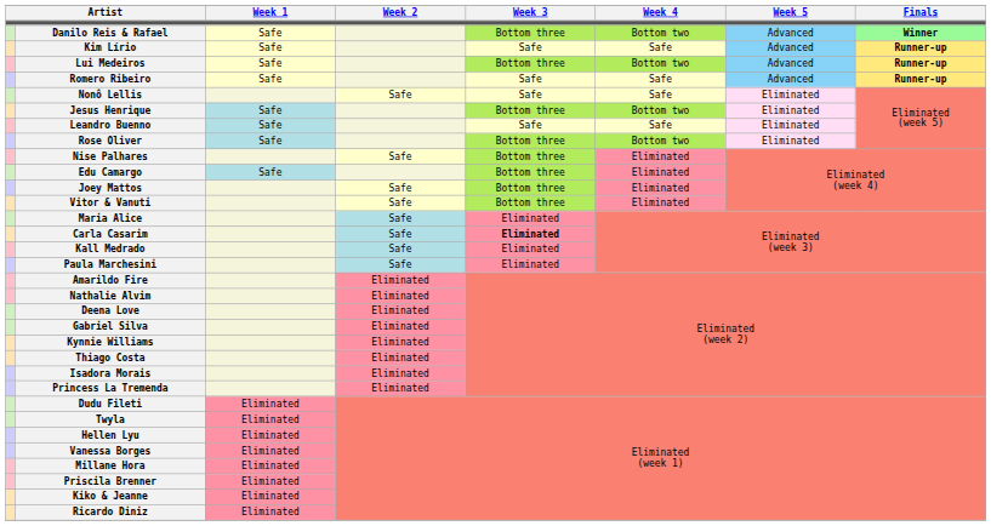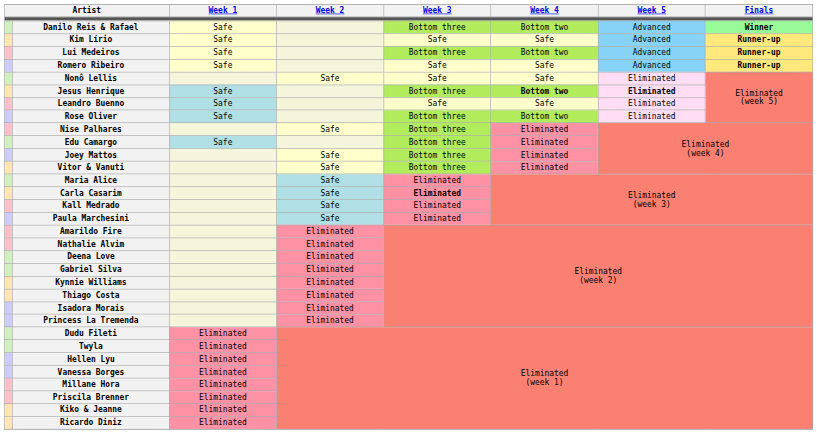 <table class="wikitable" style="text-align:center; font-size:95%; width:100%;">
 <tr>
 </tr>
 <tr>
 <th colspan="2">Artist</th>
 <th width="13%"><a href='#'>Week 1</a></th>
 <th width="13%"><a href='#'>Week 2</a></th>
 <th width="13%"><a href='#'>Week 3</a></th>
 <th width="13%"><a href='#'>Week 4</a></th>
 <th width="13%"><a href='#'>Week 5</a></th>
 <th width="13%"><a href='#'>Finals</a></th>
 </tr>
 <tr>
 <td colspan="8" style="background:#555555;"></td>
 </tr>
 <tr>
 <td width="01%" bgcolor="D0F0C0"></td>
 <th width="19%">Danilo Reis & Rafael</th>
 <td bgcolor="FFFFCC">Safe</td>
 <td bgcolor="F5F5DC"></td>
 <td bgcolor="B2EC5D">Bottom three</td>
 <td bgcolor="B2EC5D">Bottom two</td>
 <td bgcolor="87D3F8">Advanced</td>
 <td bgcolor="98FB98"><strong>Winner</strong></td>
 </tr>
 <tr>
 <td bgcolor="FFE5B4"></td>
 <th>Kim Lírio</th>
 <td bgcolor="FFFFCC">Safe</td>
 <td bgcolor="F5F5DC"></td>
 <td bgcolor="FFFFCC">Safe</td>
 <td bgcolor="FFFFCC">Safe</td>
 <td bgcolor="87D3F8">Advanced</td>
 <td bgcolor="FFE87C"><strong>Runner-up</strong></td>
 </tr>
 <tr>
 <td bgcolor="FFC0CB"></td>
 <th>Lui Medeiros</th>
 <td bgcolor="FFFFCC">Safe</td>
 <td bgcolor="F5F5DC"></td>
 <td bgcolor="B2EC5D">Bottom three</td>
 <td bgcolor="B2EC5D">Bottom two</td>
 <td bgcolor="87D3F8">Advanced</td>
 <td bgcolor="FFE87C"><strong>Runner-up</strong></td>
 </tr>
 <tr>
 <td bgcolor="CCCCFF"></td>
 <th>Romero Ribeiro</th>
 <td bgcolor="FFFFCC">Safe</td>
 <td bgcolor="F5F5DC"></td>
 <td bgcolor="FFFFCC">Safe</td>
 <td bgcolor="FFFFCC">Safe</td>
 <td bgcolor="87D3F8">Advanced</td>
 <td bgcolor="FFE87C"><strong>Runner-up</strong></td>
 </tr>
 <tr>
 <td bgcolor="D0F0C0"></td>
 <th>Nonô Lellis</th>
 <td bgcolor="F5F5DC"></td>
 <td bgcolor="FFFFCC">Safe</td>
 <td bgcolor="FFFFCC">Safe</td>
 <td bgcolor="FFFFCC">Safe</td>
 <td bgcolor="FFDDF4">Eliminated</td>
 <td bgcolor="FA8072" rowspan=4 colspan=2>Eliminated<br>(week 5)</td>
 </tr>
 <tr>
 <td bgcolor="FFE5B4"></td>
 <th>Jesus Henrique</th>
 <td bgcolor="B0E0E6">Safe</td>
 <td bgcolor="F5F5DC"></td>
 <td bgcolor="B2EC5D">Bottom three</td>
-<td bgcolor="B2EC5D">Bottom two</td>
-<td bgcolor="FFDDF4">Eliminated</td>
+<td bgcolor="B2EC5D"><strong>Bottom two</strong></td>
+<td bgcolor="FFDDF4"><strong>Eliminated</strong></td>
 </tr>
 <tr>
 <td bgcolor="FFC0CB"></td>
 <th>Leandro Buenno</th>
 <td bgcolor="B0E0E6">Safe</td>
 <td bgcolor="F5F5DC"></td>
 <td bgcolor="FFFFCC">Safe</td>
 <td bgcolor="FFFFCC">Safe</td>
 <td bgcolor="FFDDF4">Eliminated</td>
 </tr>
 <tr>
 <td bgcolor="CCCCFF"></td>
 <th>Rose Oliver</th>
 <td bgcolor="B0E0E6">Safe</td>
 <td bgcolor="F5F5DC"></td>
 <td bgcolor="B2EC5D">Bottom three</td>
 <td bgcolor="B2EC5D">Bottom two</td>
 <td bgcolor="FFDDF4">Eliminated</td>
 </tr>
 <tr>
 <td bgcolor="FFC0CB"></td>
 <th>Nise Palhares</th>
 <td bgcolor="F5F5DC"></td>
 <td bgcolor="FFFFCC">Safe</td>
 <td bgcolor="B2EC5D">Bottom three</td>
 <td bgcolor="FF91A4">Eliminated</td>
 <td bgcolor="FA8072" rowspan=4 colspan=2>Eliminated<br>(week 4)</td>
 </tr>
 <tr>
 <td bgcolor="D0F0C0"></td>
 <th>Edu Camargo</th>
 <td bgcolor="B0E0E6">Safe</td>
 <td bgcolor="F5F5DC"></td>
 <td bgcolor="B2EC5D">Bottom three</td>
 <td bgcolor="FF91A4">Eliminated</td>
 </tr>
 <tr>
 <td bgcolor="CCCCFF"></td>
 <th>Joey Mattos</th>
 <td bgcolor="F5F5DC"></td>
 <td bgcolor="FFFFCC">Safe</td>
 <td bgcolor="B2EC5D">Bottom three</td>
 <td bgcolor="FF91A4">Eliminated</td>
 </tr>
 <tr>
 <td bgcolor="FFE5B4"></td>
 <th>Vitor & Vanuti</th>
 <td bgcolor="F5F5DC"></td>
 <td bgcolor="FFFFCC">Safe</td>
 <td bgcolor="B2EC5D">Bottom three</td>
 <td bgcolor="FF91A4">Eliminated</td>
 </tr>
 <tr>
 <td bgcolor="D0F0C0"></td>
 <th>Maria Alice</th>
 <td bgcolor="F5F5DC"></td>
 <td bgcolor="B0E0E6">Safe</td>
 <td bgcolor="FF91A4">Eliminated</td>
 <td bgcolor="FA8072" rowspan=4 colspan=3>Eliminated<br>(week 3)</td>
 </tr>
 <tr>
 <td bgcolor="FFE5B4"></td>
 <th>Carla Casarim</th>
 <td bgcolor="F5F5DC"></td>
 <td bgcolor="B0E0E6">Safe</td>
 <td bgcolor="FF91A4"><strong>Eliminated</strong></td>
 </tr>
 <tr>
 <td bgcolor="FFC0CB"></td>
 <th>Kall Medrado</th>
 <td bgcolor="F5F5DC"></td>
 <td bgcolor="B0E0E6">Safe</td>
 <td bgcolor="FF91A4">Eliminated</td>
 </tr>
 <tr>
 <td bgcolor="CCCCFF"></td>
 <th>Paula Marchesini</th>
 <td bgcolor="F5F5DC"></td>
 <td bgcolor="B0E0E6">Safe</td>
 <td bgcolor="FF91A4">Eliminated</td>
 </tr>
 <tr>
 <td bgcolor="FFC0CB"></td>
 <th>Amarildo Fire</th>
 <td bgcolor="F5F5DC"></td>
 <td bgcolor="FF91A4">Eliminated</td>
 <td bgcolor="FA8072" rowspan=8 colspan=4>Eliminated<br>(week 2)</td>
 </tr>
 <tr>
 <td bgcolor="FFC0CB"></td>
 <th>Nathalie Alvim</th>
 <td bgcolor="F5F5DC"></td>
 <td bgcolor="FF91A4">Eliminated</td>
 </tr>
 <tr>
 <td bgcolor="D0F0C0"></td>
 <th>Deena Love</th>
 <td bgcolor="F5F5DC"></td>
 <td bgcolor="FF91A4">Eliminated</td>
 </tr>
 <tr>
 <td bgcolor="D0F0C0"></td>
 <th>Gabriel Silva</th>
 <td bgcolor="F5F5DC"></td>
 <td bgcolor="FF91A4">Eliminated</td>
 </tr>
 <tr>
 <td bgcolor="FFE5B4"></td>
 <th>Kynnie Williams</th>
 <td bgcolor="F5F5DC"></td>
 <td bgcolor="FF91A4">Eliminated</td>
 </tr>
 <tr>
 <td bgcolor="FFE5B4"></td>
 <th>Thiago Costa</th>
 <td bgcolor="F5F5DC"></td>
 <td bgcolor="FF91A4">Eliminated</td>
 </tr>
 <tr>
 <td bgcolor="CCCCFF"></td>
 <th>Isadora Morais</th>
 <td bgcolor="F5F5DC"></td>
 <td bgcolor="FF91A4">Eliminated</td>
 </tr>
 <tr>
 <td bgcolor="CCCCFF"></td>
 <th>Princess La Tremenda</th>
 <td bgcolor="F5F5DC"></td>
 <td bgcolor="FF91A4">Eliminated</td>
 </tr>
 <tr>
 <td bgcolor="D0F0C0"></td>
 <th>Dudu Fileti</th>
 <td bgcolor="FF91A4">Eliminated</td>
 <td bgcolor="FA8072" rowspan=8 colspan=5>Eliminated<br>(week 1)</td>
 </tr>
 <tr>
 <td bgcolor="D0F0C0"></td>
 <th>Twyla</th>
 <td bgcolor="FF91A4">Eliminated</td>
 </tr>
 <tr>
 <td bgcolor="CCCCFF"></td>
 <th>Hellen Lyu</th>
 <td bgcolor="FF91A4">Eliminated</td>
 </tr>
 <tr>
 <td bgcolor="CCCCFF"></td>
 <th>Vanessa Borges</th>
 <td bgcolor="FF91A4">Eliminated</td>
 </tr>
 <tr>
 <td bgcolor="FFC0CB"></td>
 <th>Millane Hora</th>
 <td bgcolor="FF91A4">Eliminated</td>
 </tr>
 <tr>
 <td bgcolor="FFC0CB"></td>
 <th>Priscila Brenner</th>
 <td bgcolor="FF91A4">Eliminated</td>
 </tr>
 <tr>
 <td bgcolor="FFE5B4"></td>
 <th>Kiko & Jeanne</th>
 <td bgcolor="FF91A4">Eliminated</td>
 </tr>
 <tr>
 <td bgcolor="FFE5B4"></td>
 <th>Ricardo Diniz</th>
 <td bgcolor="FF91A4">Eliminated</td>
 </tr>
 <tr>
 </tr>
 </table>
